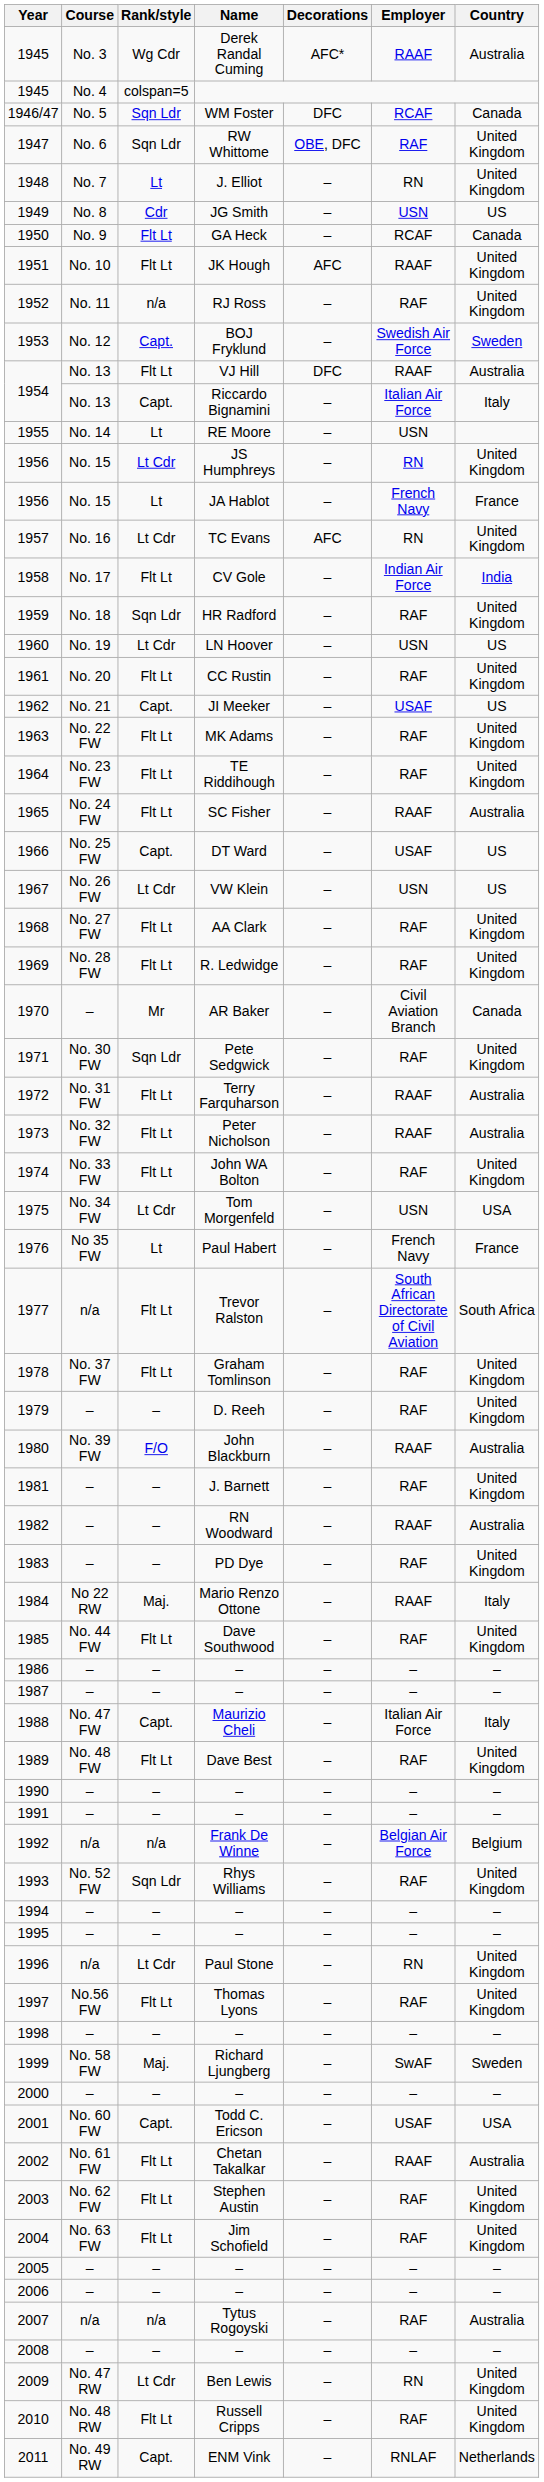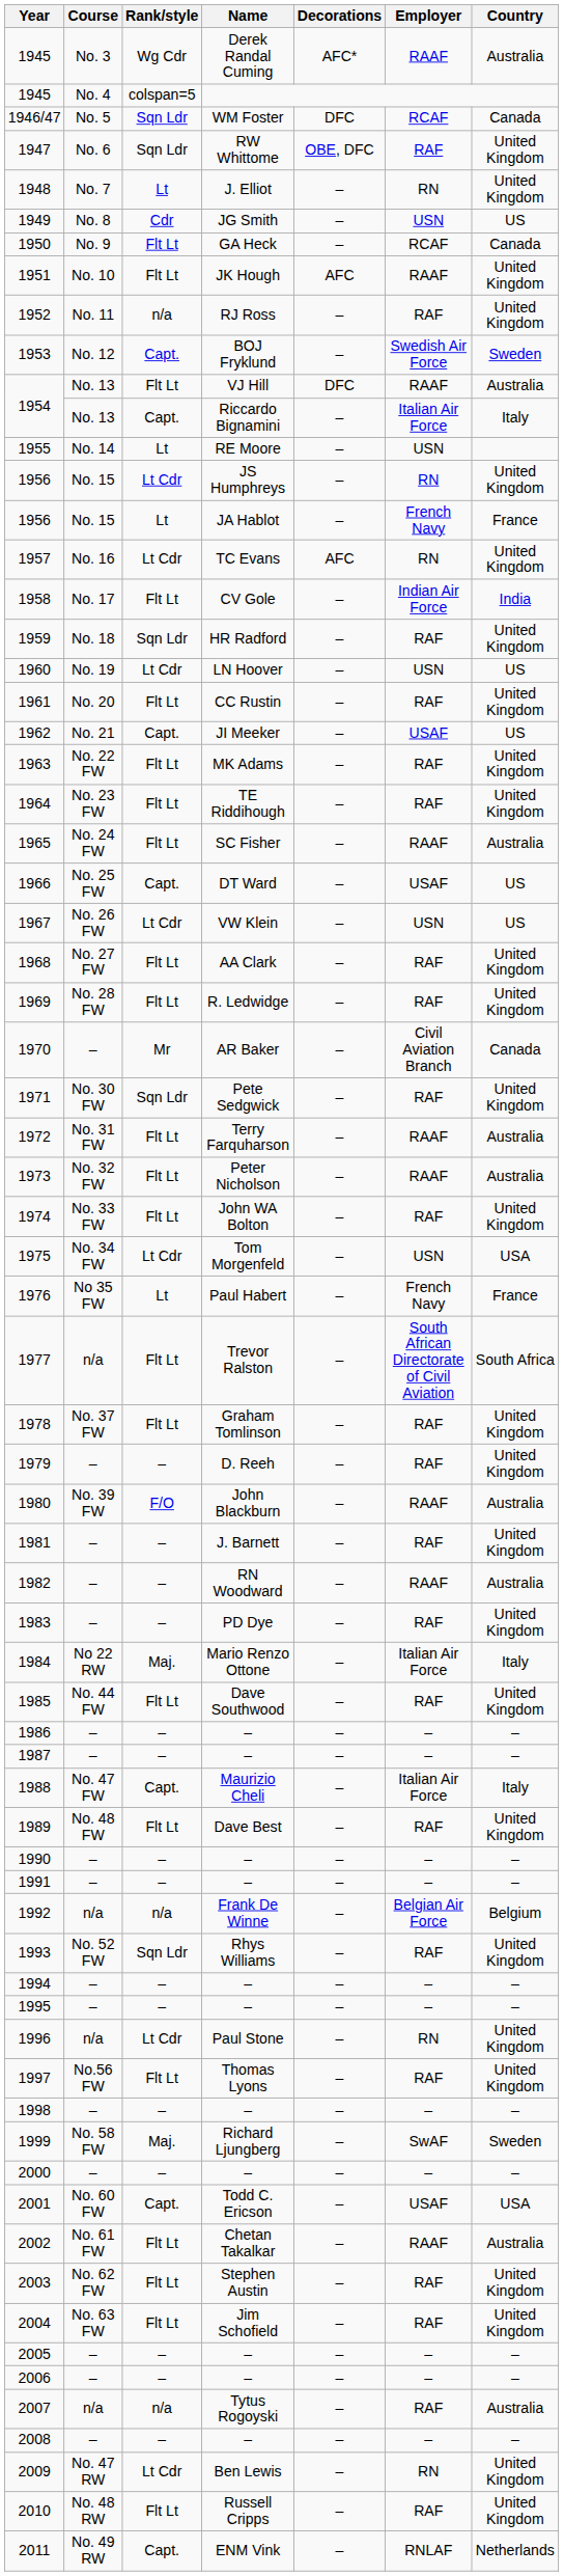 <table class="wikitable collapsible collapsed" style="text-align:center;">
 <tr>
 <th>Year</th>
 <th>Course</th>
 <th>Rank/style</th>
 <th>Name</th>
 <th>Decorations</th>
 <th>Employer</th>
 <th>Country</th>
 </tr>
 <tr>
 <td>1945</td>
 <td>No. 3</td>
 <td>Wg Cdr</td>
 <td>Derek Randal Cuming</td>
 <td>AFC*</td>
 <td><a href='#'>RAAF</a></td>
 <td>Australia</td>
 </tr>
 <tr>
 <td>1945</td>
 <td>No. 4</td>
 <td>colspan=5 </td>
 </tr>
 <tr>
 <td>1946/47</td>
 <td>No. 5</td>
 <td><a href='#'>Sqn Ldr</a></td>
 <td>WM Foster</td>
 <td>DFC</td>
 <td><a href='#'>RCAF</a></td>
 <td>Canada</td>
 </tr>
 <tr>
 <td>1947</td>
 <td>No. 6</td>
 <td>Sqn Ldr</td>
 <td>RW Whittome</td>
 <td><a href='#'>OBE</a>, DFC</td>
 <td><a href='#'>RAF</a></td>
 <td>United Kingdom</td>
 </tr>
 <tr>
 <td>1948</td>
 <td>No. 7</td>
 <td><a href='#'>Lt</a></td>
 <td>J. Elliot</td>
 <td>–</td>
 <td>RN</td>
 <td>United Kingdom</td>
 </tr>
 <tr>
 <td>1949</td>
 <td>No. 8</td>
 <td><a href='#'>Cdr</a></td>
 <td>JG Smith</td>
 <td>–</td>
 <td><a href='#'>USN</a></td>
 <td>US</td>
 </tr>
 <tr>
 <td>1950</td>
 <td>No. 9</td>
 <td><a href='#'>Flt Lt</a></td>
 <td>GA Heck</td>
 <td>–</td>
 <td>RCAF</td>
 <td>Canada</td>
 </tr>
 <tr>
 <td>1951</td>
 <td>No. 10</td>
 <td>Flt Lt</td>
 <td>JK Hough</td>
 <td>AFC</td>
 <td>RAAF</td>
 <td>United Kingdom</td>
 </tr>
 <tr>
 <td>1952</td>
 <td>No. 11</td>
 <td>n/a</td>
 <td>RJ Ross</td>
 <td>–</td>
 <td>RAF</td>
 <td>United Kingdom</td>
 </tr>
 <tr>
 <td>1953</td>
 <td>No. 12</td>
 <td><a href='#'>Capt.</a></td>
 <td>BOJ Fryklund</td>
 <td>–</td>
 <td><a href='#'>Swedish Air Force</a></td>
 <td><a href='#'>Sweden</a></td>
 </tr>
 <tr>
 <td rowspan=2>1954</td>
 <td>No. 13</td>
 <td>Flt Lt</td>
 <td>VJ Hill</td>
 <td>DFC</td>
 <td>RAAF</td>
 <td>Australia</td>
 </tr>
 <tr>
 <td>No. 13</td>
 <td>Capt.</td>
 <td>Riccardo Bignamini</td>
 <td>–</td>
 <td><a href='#'>Italian Air Force</a></td>
 <td>Italy</td>
 </tr>
 <tr>
 <td>1955</td>
 <td>No. 14</td>
 <td>Lt</td>
 <td>RE Moore</td>
 <td>–</td>
 <td>USN</td>
 <td></td>
 </tr>
 <tr>
 <td>1956</td>
 <td>No. 15</td>
 <td><a href='#'>Lt Cdr</a></td>
 <td>JS Humphreys</td>
 <td>–</td>
 <td><a href='#'>RN</a></td>
 <td>United Kingdom</td>
 </tr>
 <tr>
 <td>1956</td>
 <td>No. 15</td>
 <td>Lt</td>
 <td>JA Hablot</td>
 <td>–</td>
 <td><a href='#'>French Navy</a></td>
 <td>France</td>
 </tr>
 <tr>
 <td>1957</td>
 <td>No. 16</td>
 <td>Lt Cdr</td>
 <td>TC Evans</td>
 <td>AFC</td>
 <td>RN</td>
 <td>United Kingdom</td>
 </tr>
 <tr>
 <td>1958</td>
 <td>No. 17</td>
 <td>Flt Lt</td>
 <td>CV Gole</td>
 <td>–</td>
 <td><a href='#'>Indian Air Force</a></td>
 <td><a href='#'>India</a></td>
 </tr>
 <tr>
 <td>1959</td>
 <td>No. 18</td>
 <td>Sqn Ldr</td>
 <td>HR Radford</td>
 <td>–</td>
 <td>RAF</td>
 <td>United Kingdom</td>
 </tr>
 <tr>
 <td>1960</td>
 <td>No. 19</td>
 <td>Lt Cdr</td>
 <td>LN Hoover</td>
 <td>–</td>
 <td>USN</td>
 <td>US</td>
 </tr>
 <tr>
 <td>1961</td>
 <td>No. 20</td>
 <td>Flt Lt</td>
 <td>CC Rustin</td>
 <td>–</td>
 <td>RAF</td>
 <td>United Kingdom</td>
 </tr>
 <tr>
 <td>1962</td>
 <td>No. 21</td>
 <td>Capt.</td>
 <td>JI Meeker</td>
 <td>–</td>
 <td><a href='#'>USAF</a></td>
 <td>US</td>
 </tr>
 <tr>
 <td>1963</td>
 <td>No. 22 FW</td>
 <td>Flt Lt</td>
 <td>MK Adams</td>
 <td>–</td>
 <td>RAF</td>
 <td>United Kingdom</td>
 </tr>
 <tr>
 <td>1964</td>
 <td>No. 23 FW</td>
 <td>Flt Lt</td>
 <td>TE Riddihough</td>
 <td>–</td>
 <td>RAF</td>
 <td>United Kingdom</td>
 </tr>
 <tr>
 <td>1965</td>
 <td>No. 24 FW</td>
 <td>Flt Lt</td>
 <td>SC Fisher</td>
 <td>–</td>
 <td>RAAF</td>
 <td>Australia</td>
 </tr>
 <tr>
 <td>1966</td>
 <td>No. 25 FW</td>
 <td>Capt.</td>
 <td>DT Ward</td>
 <td>–</td>
 <td>USAF</td>
 <td>US</td>
 </tr>
 <tr>
 <td>1967</td>
 <td>No. 26 FW</td>
 <td>Lt Cdr</td>
 <td>VW Klein</td>
 <td>–</td>
 <td>USN</td>
 <td>US</td>
 </tr>
 <tr>
 <td>1968</td>
 <td>No. 27 FW</td>
 <td>Flt Lt</td>
 <td>AA Clark</td>
 <td>–</td>
 <td>RAF</td>
 <td>United Kingdom</td>
 </tr>
 <tr>
 <td>1969</td>
 <td>No. 28 FW</td>
 <td>Flt Lt</td>
 <td>R. Ledwidge</td>
 <td>–</td>
 <td>RAF</td>
 <td>United Kingdom</td>
 </tr>
 <tr>
 <td>1970</td>
 <td>–</td>
 <td>Mr</td>
 <td>AR Baker</td>
 <td>–</td>
 <td>Civil Aviation Branch</td>
 <td>Canada</td>
 </tr>
 <tr>
 <td>1971</td>
 <td>No. 30 FW</td>
 <td>Sqn Ldr</td>
 <td>Pete Sedgwick</td>
 <td>–</td>
 <td>RAF</td>
 <td>United Kingdom</td>
 </tr>
 <tr>
 <td>1972</td>
 <td>No. 31 FW</td>
 <td>Flt Lt</td>
 <td>Terry Farquharson</td>
 <td>–</td>
 <td>RAAF</td>
 <td>Australia</td>
 </tr>
 <tr>
 <td>1973</td>
 <td>No. 32 FW</td>
 <td>Flt Lt</td>
 <td>Peter Nicholson</td>
 <td>–</td>
 <td>RAAF</td>
 <td>Australia</td>
 </tr>
 <tr>
 <td>1974</td>
 <td>No. 33 FW</td>
 <td>Flt Lt</td>
 <td>John WA Bolton</td>
 <td>–</td>
 <td>RAF</td>
 <td>United Kingdom</td>
 </tr>
 <tr>
 <td>1975</td>
 <td>No. 34 FW</td>
 <td>Lt Cdr</td>
 <td>Tom Morgenfeld</td>
 <td>–</td>
 <td>USN</td>
 <td>USA</td>
 </tr>
 <tr>
 <td>1976</td>
 <td>No 35 FW</td>
 <td>Lt</td>
 <td>Paul Habert</td>
 <td>–</td>
 <td>French Navy</td>
 <td>France</td>
 </tr>
 <tr>
 <td>1977</td>
 <td>n/a</td>
 <td>Flt Lt</td>
 <td>Trevor Ralston</td>
 <td>–</td>
 <td><a href='#'>South African Directorate of Civil Aviation</a></td>
 <td>South Africa</td>
 </tr>
 <tr>
 <td>1978</td>
 <td>No. 37 FW</td>
 <td>Flt Lt</td>
 <td>Graham Tomlinson</td>
 <td>–</td>
 <td>RAF</td>
 <td>United Kingdom</td>
 </tr>
 <tr>
 <td>1979</td>
 <td>–</td>
 <td>–</td>
 <td>D. Reeh</td>
 <td>–</td>
 <td>RAF</td>
 <td>United Kingdom</td>
 </tr>
 <tr>
 <td>1980</td>
 <td>No. 39 FW</td>
 <td><a href='#'>F/O</a></td>
 <td>John Blackburn</td>
 <td>–</td>
 <td>RAAF</td>
 <td>Australia</td>
 </tr>
 <tr>
 <td>1981</td>
 <td>–</td>
 <td>–</td>
 <td>J. Barnett</td>
 <td>–</td>
 <td>RAF</td>
 <td>United Kingdom</td>
 </tr>
 <tr>
 <td>1982</td>
 <td>–</td>
 <td>–</td>
 <td>RN Woodward</td>
 <td>–</td>
 <td>RAAF</td>
 <td>Australia</td>
 </tr>
 <tr>
 <td>1983</td>
 <td>–</td>
 <td>–</td>
 <td>PD Dye</td>
 <td>–</td>
 <td>RAF</td>
 <td>United Kingdom</td>
 </tr>
 <tr>
 <td>1984</td>
 <td>No 22 RW</td>
 <td>Maj.</td>
 <td>Mario Renzo Ottone</td>
 <td>–</td>
-<td>RAAF</td>
+<td>Italian Air Force</td>
 <td>Italy</td>
 </tr>
 <tr>
 <td>1985</td>
 <td>No. 44 FW</td>
 <td>Flt Lt</td>
 <td>Dave Southwood</td>
 <td>–</td>
 <td>RAF</td>
 <td>United Kingdom</td>
 </tr>
 <tr>
 <td>1986</td>
 <td>–</td>
 <td>–</td>
 <td>–</td>
 <td>–</td>
 <td>–</td>
 <td>–</td>
 </tr>
 <tr>
 <td>1987</td>
 <td>–</td>
 <td>–</td>
 <td>–</td>
 <td>–</td>
 <td>–</td>
 <td>–</td>
 </tr>
 <tr>
 <td>1988</td>
 <td>No. 47 FW</td>
 <td>Capt.</td>
 <td><a href='#'>Maurizio Cheli</a></td>
 <td>–</td>
 <td>Italian Air Force</td>
 <td>Italy</td>
 </tr>
 <tr>
 <td>1989</td>
 <td>No. 48 FW</td>
 <td>Flt Lt</td>
 <td>Dave Best</td>
 <td>–</td>
 <td>RAF</td>
 <td>United Kingdom</td>
 </tr>
 <tr>
 <td>1990</td>
 <td>–</td>
 <td>–</td>
 <td>–</td>
 <td>–</td>
 <td>–</td>
 <td>–</td>
 </tr>
 <tr>
 <td>1991</td>
 <td>–</td>
 <td>–</td>
 <td>–</td>
 <td>–</td>
 <td>–</td>
 <td>–</td>
 </tr>
 <tr>
 <td>1992</td>
 <td>n/a</td>
 <td>n/a</td>
 <td><a href='#'>Frank De Winne</a></td>
 <td>–</td>
 <td><a href='#'>Belgian Air Force</a></td>
 <td>Belgium</td>
 </tr>
 <tr>
 <td>1993</td>
 <td>No. 52 FW</td>
 <td>Sqn Ldr</td>
 <td>Rhys Williams</td>
 <td>–</td>
 <td>RAF</td>
 <td>United Kingdom</td>
 </tr>
 <tr>
 <td>1994</td>
 <td>–</td>
 <td>–</td>
 <td>–</td>
 <td>–</td>
 <td>–</td>
 <td>–</td>
 </tr>
 <tr>
 <td>1995</td>
 <td>–</td>
 <td>–</td>
 <td>–</td>
 <td>–</td>
 <td>–</td>
 <td>–</td>
 </tr>
 <tr>
 <td>1996</td>
 <td>n/a</td>
 <td>Lt Cdr</td>
 <td>Paul Stone</td>
 <td>–</td>
 <td>RN</td>
 <td>United Kingdom</td>
 </tr>
 <tr>
 <td>1997</td>
 <td>No.56 FW</td>
 <td>Flt Lt</td>
 <td>Thomas Lyons</td>
 <td>–</td>
 <td>RAF</td>
 <td>United Kingdom</td>
 </tr>
 <tr>
 <td>1998</td>
 <td>–</td>
 <td>–</td>
 <td>–</td>
 <td>–</td>
 <td>–</td>
 <td>–</td>
 </tr>
 <tr>
 <td>1999</td>
 <td>No. 58 FW</td>
 <td>Maj.</td>
 <td>Richard Ljungberg</td>
 <td>–</td>
 <td>SwAF</td>
 <td>Sweden</td>
 </tr>
 <tr>
 <td>2000</td>
 <td>–</td>
 <td>–</td>
 <td>–</td>
 <td>–</td>
 <td>–</td>
 <td>–</td>
 </tr>
 <tr>
 <td>2001</td>
 <td>No. 60 FW</td>
 <td>Capt.</td>
 <td>Todd C. Ericson</td>
 <td>–</td>
 <td>USAF</td>
 <td>USA</td>
 </tr>
 <tr>
 <td>2002</td>
 <td>No. 61 FW</td>
 <td>Flt Lt</td>
 <td>Chetan Takalkar</td>
 <td>–</td>
 <td>RAAF</td>
 <td>Australia</td>
 </tr>
 <tr>
 <td>2003</td>
 <td>No. 62 FW</td>
 <td>Flt Lt</td>
 <td>Stephen Austin</td>
 <td>–</td>
 <td>RAF</td>
 <td>United Kingdom</td>
 </tr>
 <tr>
 <td>2004</td>
 <td>No. 63 FW</td>
 <td>Flt Lt</td>
 <td>Jim Schofield</td>
 <td>–</td>
 <td>RAF</td>
 <td>United Kingdom</td>
 </tr>
 <tr>
 <td>2005</td>
 <td>–</td>
 <td>–</td>
 <td>–</td>
 <td>–</td>
 <td>–</td>
 <td>–</td>
 </tr>
 <tr>
 <td>2006</td>
 <td>–</td>
 <td>–</td>
 <td>–</td>
 <td>–</td>
 <td>–</td>
 <td>–</td>
 </tr>
 <tr>
 <td>2007</td>
 <td>n/a</td>
 <td>n/a</td>
 <td>Tytus Rogoyski</td>
 <td>–</td>
 <td>RAF</td>
 <td>Australia</td>
 </tr>
 <tr>
 <td>2008</td>
 <td>–</td>
 <td>–</td>
 <td>–</td>
 <td>–</td>
 <td>–</td>
 <td>–</td>
 </tr>
 <tr>
 <td>2009</td>
 <td>No. 47 RW</td>
 <td>Lt Cdr</td>
 <td>Ben Lewis</td>
 <td>–</td>
 <td>RN</td>
 <td>United Kingdom</td>
 </tr>
 <tr>
 <td>2010</td>
 <td>No. 48 RW</td>
 <td>Flt Lt</td>
 <td>Russell Cripps</td>
 <td>–</td>
 <td>RAF</td>
 <td>United Kingdom</td>
 </tr>
 <tr>
 <td>2011</td>
 <td>No. 49 RW</td>
 <td>Capt.</td>
 <td>ENM Vink</td>
 <td>–</td>
 <td>RNLAF</td>
 <td>Netherlands</td>
 </tr>
 </table>
